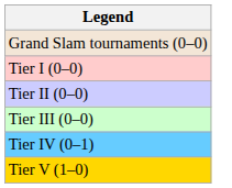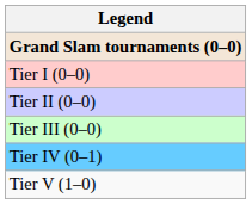 <table class="wikitable sortable mw-collapsible mw-collapsed">
 <tr>
 <th>Legend</th>
 </tr>
 <tr style="background:#f3e6d7;">
-<td>Grand Slam tournaments (0–0)</td>
+<td><strong>Grand Slam tournaments (0–0)</strong></td>
 </tr>
 <tr style="background:#fcc;">
 <td>Tier I (0–0)</td>
 </tr>
 <tr style="background:#ccf;">
 <td>Tier II (0–0)</td>
 </tr>
 <tr style="background:#cfc;">
 <td>Tier III (0–0)</td>
 </tr>
 <tr style="background:#6cf;">
 <td>Tier IV (0–1)</td>
 </tr>
 <tr>
-<td style="background: gold;">Tier V (1–0)</td>
+<td>Tier V (1–0)</td>
 </tr>
 </table>
